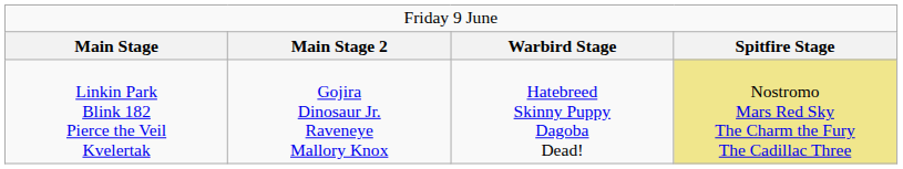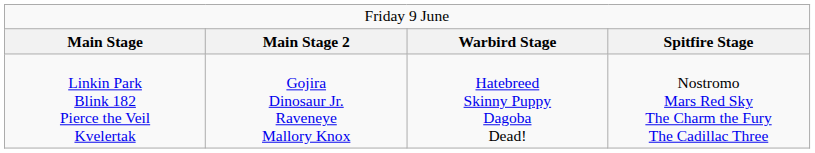 <table class="wikitable">
 <tr>
 <td colspan="4" style="text-align:center;">Friday 9 June</td>
 </tr>
 <tr>
 <th>Main Stage</th>
 <th>Main Stage 2</th>
 <th>Warbird Stage</th>
 <th>Spitfire Stage</th>
 </tr>
 <tr>
 <td style="text-align:center; vertical-align:top; width:200px;"><br><a href='#'>Linkin Park</a><br>  <a href='#'>Blink 182</a><br> <a href='#'>Pierce the Veil</a><br> <a href='#'>Kvelertak</a><br></td>
 <td style="text-align:center; vertical-align:top; width:200px;"><br><a href='#'>Gojira</a><br> <a href='#'>Dinosaur Jr.</a><br> <a href='#'>Raveneye</a><br> <a href='#'>Mallory Knox</a><br></td>
 <td style="text-align:center; vertical-align:top; width:200px;"><br><a href='#'>Hatebreed</a><br> <a href='#'>Skinny Puppy</a><br> <a href='#'>Dagoba</a><br> Dead!<br></td>
-<td style="background: khaki; text-align:center; vertical-align:top; width:200px;"><br>Nostromo<br> <a href='#'>Mars Red Sky</a><br> <a href='#'>The Charm the Fury</a><br> <a href='#'>The Cadillac Three</a><br></td>
+<td style="text-align:center; vertical-align:top; width:200px;"><br>Nostromo<br> <a href='#'>Mars Red Sky</a><br> <a href='#'>The Charm the Fury</a><br> <a href='#'>The Cadillac Three</a><br></td>
 </tr>
 </table>
